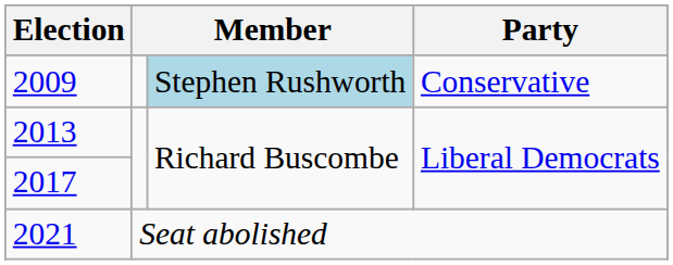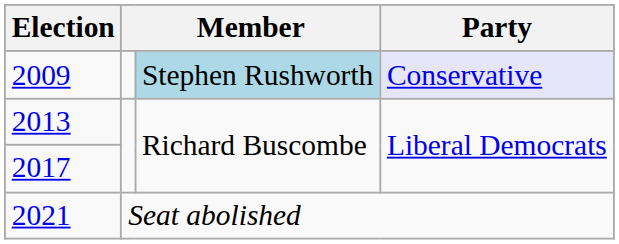 <table class="wikitable">
 <tr>
 <th>Election</th>
 <th colspan="2">Member</th>
 <th>Party</th>
 </tr>
 <tr>
 <td><a href='#'>2009</a></td>
 <td rowspan="1" style="background-color: "></td>
 <td rowspan="1" style="background: lightblue;">Stephen Rushworth</td>
-<td rowspan="1"><a href='#'>Conservative</a></td>
+<td rowspan="1" style="background: lavender;"><a href='#'>Conservative</a></td>
 </tr>
 <tr>
 <td><a href='#'>2013</a></td>
 <td rowspan="2" style="background-color: "></td>
 <td rowspan="2">Richard Buscombe</td>
 <td rowspan="2"><a href='#'>Liberal Democrats</a></td>
 </tr>
 <tr>
 <td><a href='#'>2017</a></td>
 </tr>
 <tr>
 <td><a href='#'>2021</a></td>
 <td colspan="3"><em>Seat abolished</em></td>
 </tr>
 </table>
